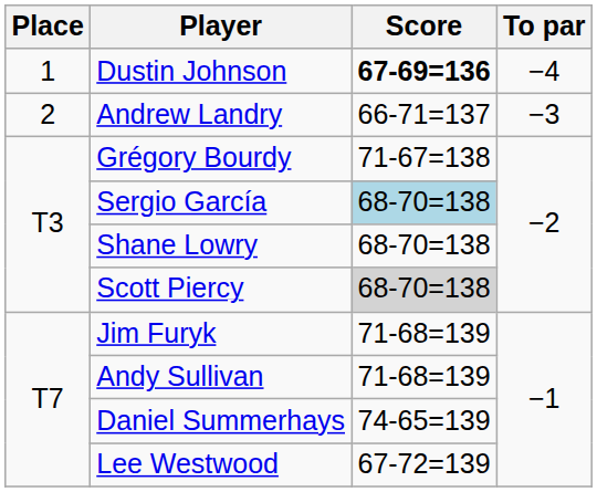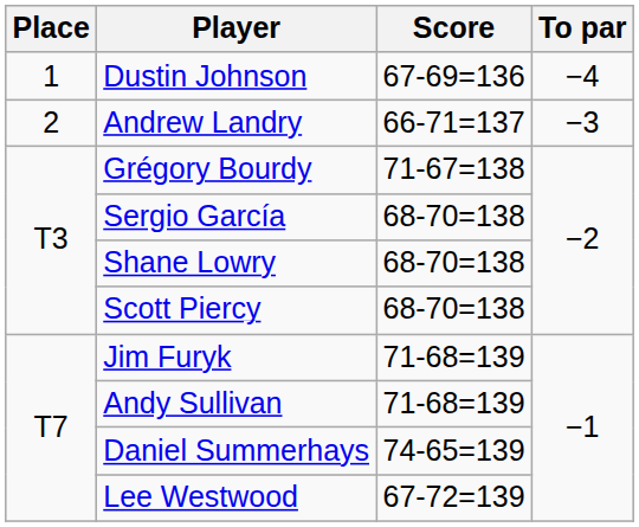 <table class="wikitable">
 <tr>
 <th>Place</th>
 <th>Player</th>
 <th>Score</th>
 <th>To par</th>
 </tr>
 <tr>
 <td align=center>1</td>
 <td> <a href='#'>Dustin Johnson</a></td>
-<td align=center><strong>67-69=136</strong></td>
+<td align=center>67-69=136</td>
 <td align=center>−4</td>
 </tr>
 <tr>
 <td align=center>2</td>
 <td> <a href='#'>Andrew Landry</a></td>
 <td align=center>66-71=137</td>
 <td align=center>−3</td>
 </tr>
 <tr>
 <td rowspan=4 align=center>T3</td>
 <td> <a href='#'>Grégory Bourdy</a></td>
 <td align=center>71-67=138</td>
 <td rowspan=4 align=center>−2</td>
 </tr>
 <tr>
 <td> <a href='#'>Sergio García</a></td>
-<td style="background: lightblue;">68-70=138</td>
+<td>68-70=138</td>
 </tr>
 <tr>
 <td> <a href='#'>Shane Lowry</a></td>
 <td align=center>68-70=138</td>
 </tr>
 <tr>
 <td> <a href='#'>Scott Piercy</a></td>
-<td style="background: lightgrey;">68-70=138</td>
+<td>68-70=138</td>
 </tr>
 <tr>
 <td rowspan=4 align=center>T7</td>
 <td> <a href='#'>Jim Furyk</a></td>
 <td align=center>71-68=139</td>
 <td rowspan=4 align=center>−1</td>
 </tr>
 <tr>
 <td> <a href='#'>Andy Sullivan</a></td>
 <td align=center>71-68=139</td>
 </tr>
 <tr>
 <td> <a href='#'>Daniel Summerhays</a></td>
 <td align=center>74-65=139</td>
 </tr>
 <tr>
 <td> <a href='#'>Lee Westwood</a></td>
 <td align=center>67-72=139</td>
 </tr>
 </table>
